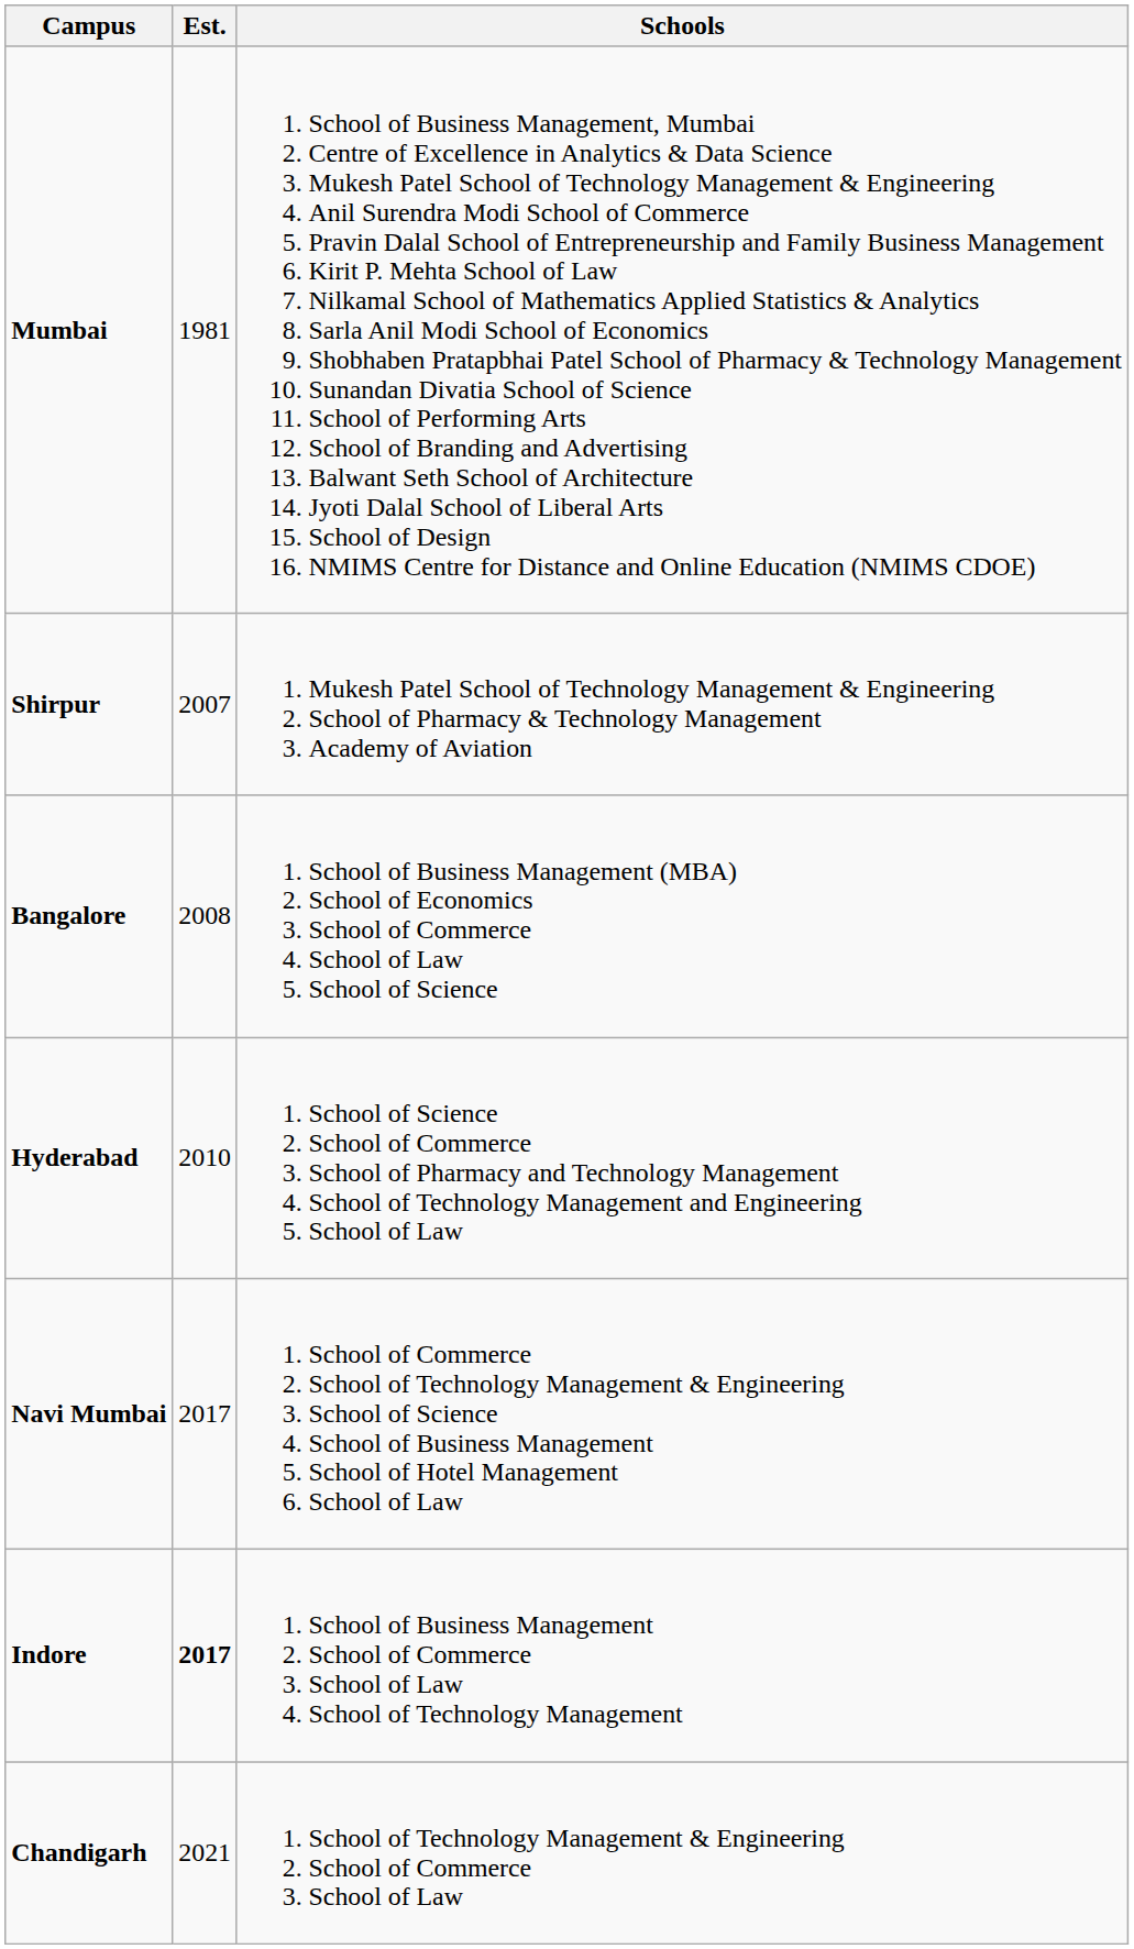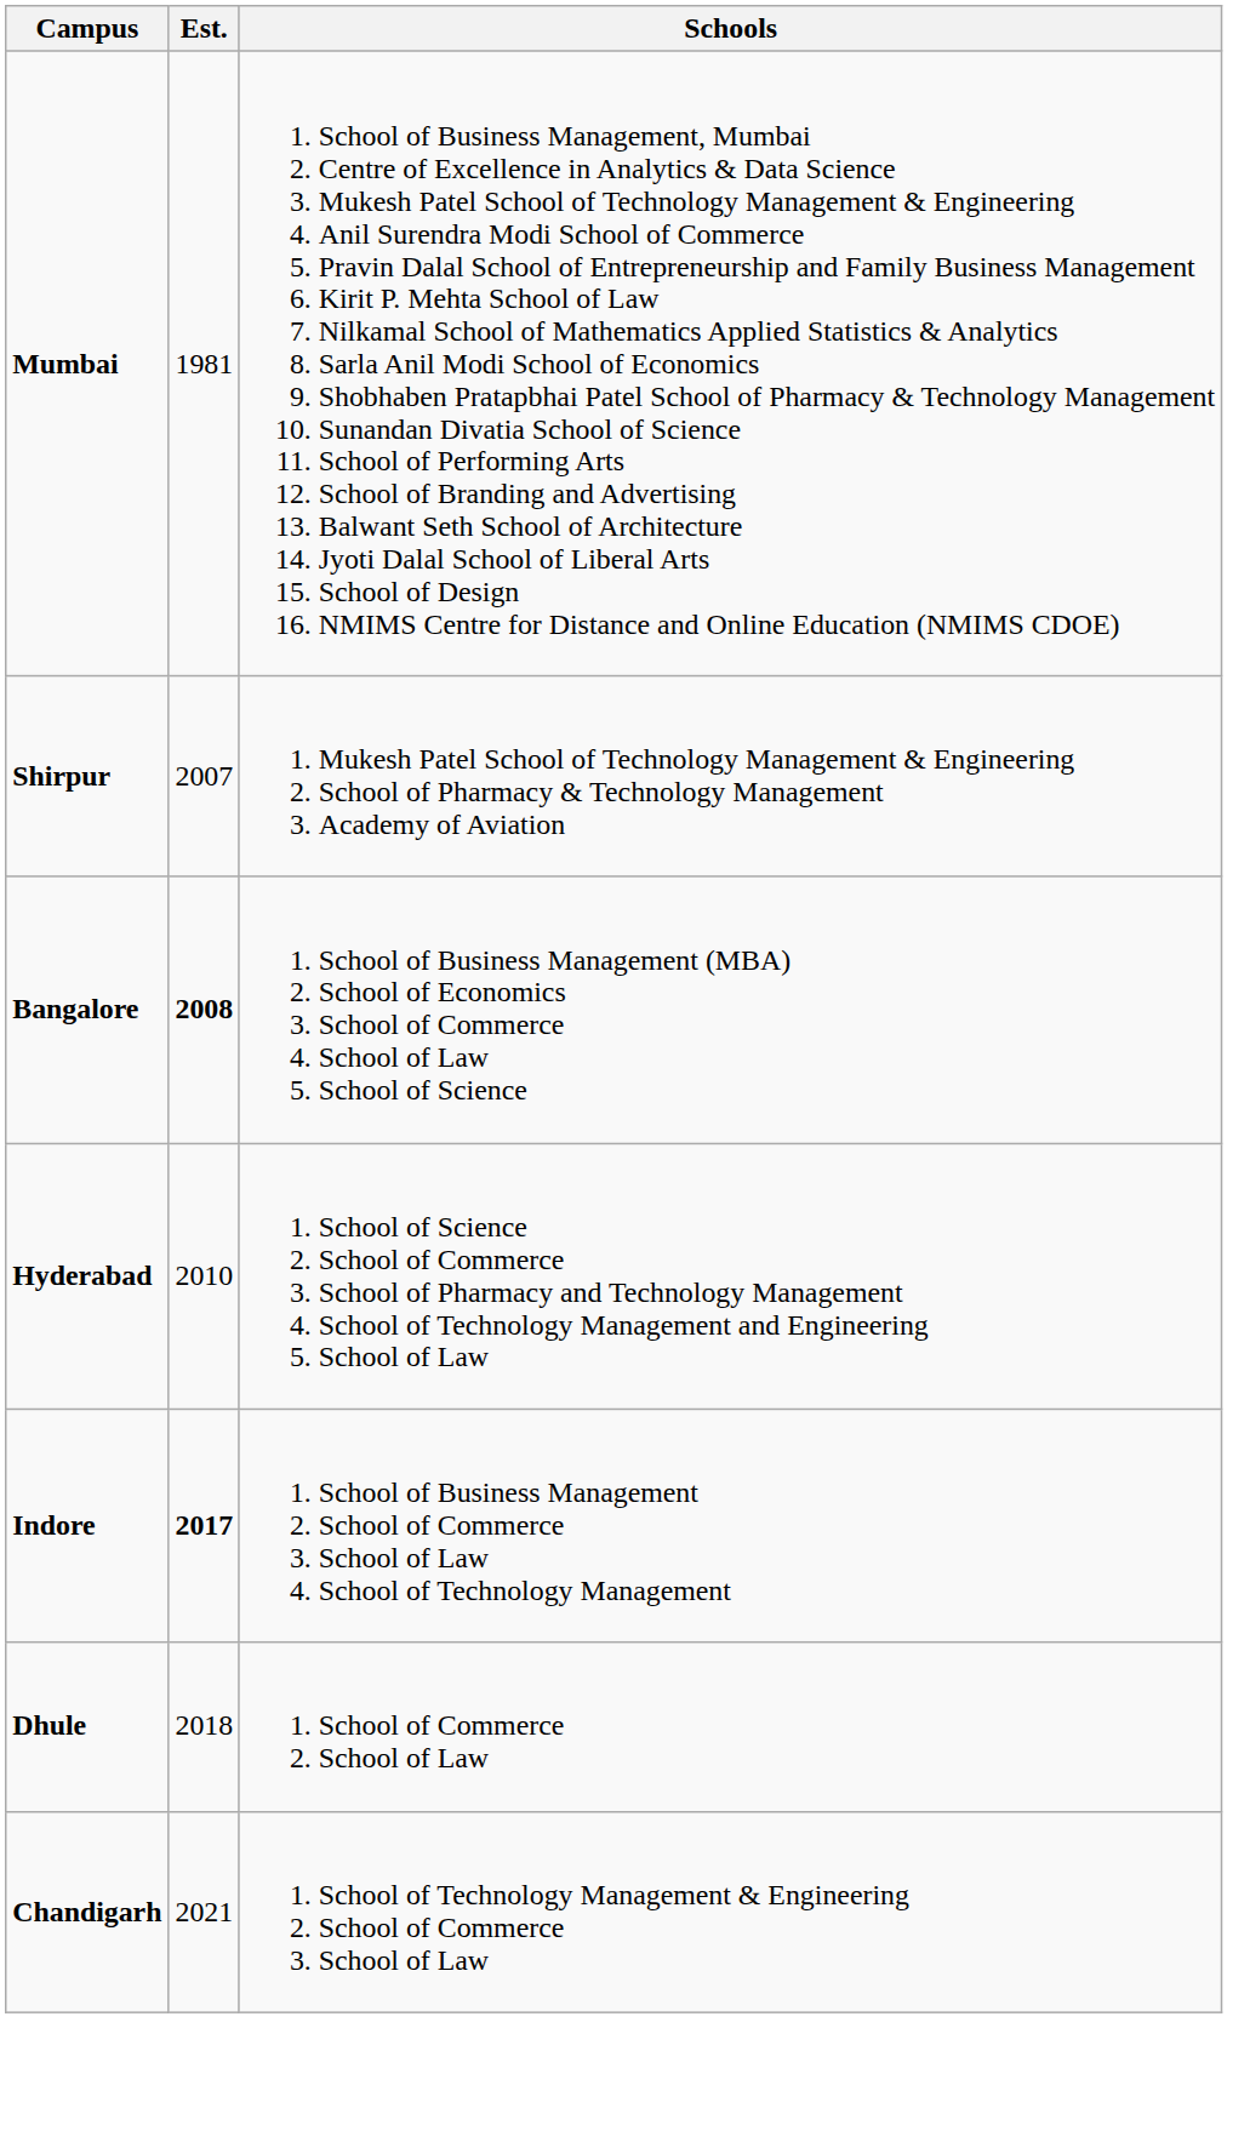 <table class="wikitable">
 <tr>
 <th>Campus</th>
 <th>Est.</th>
 <th>Schools</th>
 </tr>
 <tr>
 <td><strong>Mumbai</strong></td>
 <td>1981</td>
 <td><br><ol><li>School of Business Management, Mumbai </li><li>Centre of Excellence in Analytics & Data Science </li><li>Mukesh Patel School of Technology Management & Engineering</li><li>Anil Surendra Modi School of Commerce</li><li>Pravin Dalal School of Entrepreneurship and Family Business Management</li><li>Kirit P. Mehta School of Law</li><li>Nilkamal School of Mathematics Applied Statistics & Analytics</li><li>Sarla Anil Modi School of Economics</li><li>Shobhaben Pratapbhai Patel School of Pharmacy & Technology Management</li><li>Sunandan Divatia School of Science</li><li>School of Performing Arts</li><li>School of Branding and Advertising</li><li>Balwant Seth School of Architecture</li><li>Jyoti Dalal School of Liberal Arts</li><li>School of Design</li><li>NMIMS Centre for Distance and Online Education (NMIMS CDOE)</li></ol></td>
 </tr>
 <tr>
 <td><strong>Shirpur</strong></td>
 <td>2007</td>
 <td><br><ol><li>Mukesh Patel School of Technology Management & Engineering</li><li>School of Pharmacy & Technology Management</li><li>Academy of Aviation</li></ol></td>
 </tr>
 <tr>
 <td><strong>Bangalore</strong></td>
-<td>2008</td>
+<td><strong>2008</strong></td>
 <td><br><ol><li>School of Business Management (MBA)</li><li>School of Economics</li><li>School of Commerce</li><li>School of Law</li><li>School of Science</li></ol></td>
 </tr>
 <tr>
 <td><strong>Hyderabad</strong></td>
 <td>2010</td>
 <td><br><ol><li>School of Science </li><li>School of Commerce </li><li>School of Pharmacy and Technology Management </li><li>School of Technology Management and Engineering </li><li>School of Law </li></ol></td>
 </tr>
 <tr>
-<td><strong>Navi Mumbai</strong></td>
-<td>2017</td>
-<td><br><ol><li>School of Commerce</li><li>School of Technology Management & Engineering</li><li>School of Science</li><li>School of Business Management</li><li>School of Hotel Management</li><li>School of Law</li></ol></td>
-</tr>
-<tr>
 <td><strong>Indore</strong></td>
 <td><strong>2017</strong></td>
 <td><br><ol><li>School of Business Management</li><li>School of Commerce</li><li>School of Law</li><li>School of Technology Management</li></ol></td>
+</tr>
+<tr>
+<td><strong>Dhule</strong></td>
+<td>2018</td>
+<td><br><ol><li>School of Commerce</li><li>School of Law</li></ol></td>
 </tr>
 <tr>
 <td><strong>Chandigarh</strong></td>
 <td>2021</td>
 <td><br><ol><li>School of Technology Management & Engineering</li><li>School of Commerce</li><li>School of Law</li></ol></td>
 </tr>
 </table>
